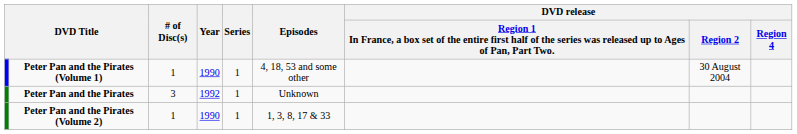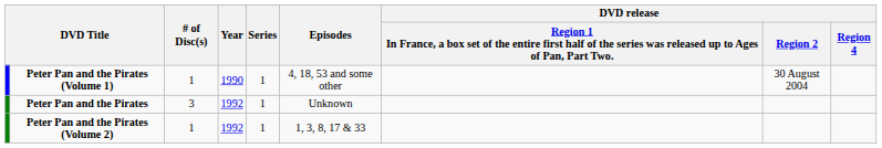 <table class="wikitable" width="99%" style="left: 0 auto; text-align: center;">
 <tr>
 <th colspan="2" rowspan="2">DVD Title</th>
 <th rowspan="2"># of Disc(s)</th>
 <th rowspan="2">Year</th>
 <th rowspan="2">Series</th>
 <th rowspan="2">Episodes</th>
 <th colspan="3">DVD release</th>
 </tr>
 <tr>
 <th><a href='#'>Region 1</a><br>In France, a box set of the entire first half of the series was released up to Ages of Pan, Part Two.</th>
 <th><a href='#'>Region 2</a></th>
 <th><a href='#'>Region 4</a></th>
 </tr>
 <tr>
 <td bgcolor="blue"></td>
 <td><strong>Peter Pan and the Pirates (Volume 1)</strong></td>
 <td>1</td>
 <td><a href='#'>1990</a></td>
 <td>1</td>
 <td>4, 18, 53 and some other</td>
 <td></td>
 <td>30 August 2004</td>
 <td></td>
 </tr>
 <tr>
 <td bgcolor="green"></td>
 <td><strong>Peter Pan and the Pirates</strong></td>
 <td>3</td>
 <td><a href='#'>1992</a></td>
 <td>1</td>
 <td>Unknown</td>
 <td></td>
 <td></td>
 <td></td>
 </tr>
 <tr>
 <td bgcolor="green"></td>
 <td><strong>Peter Pan and the Pirates (Volume 2)</strong></td>
 <td>1</td>
-<td><a href='#'>1990</a></td>
+<td><a href='#'>1992</a></td>
 <td>1</td>
 <td>1, 3, 8, 17 & 33</td>
 <td></td>
 <td></td>
 <td></td>
 </tr>
 </table>
